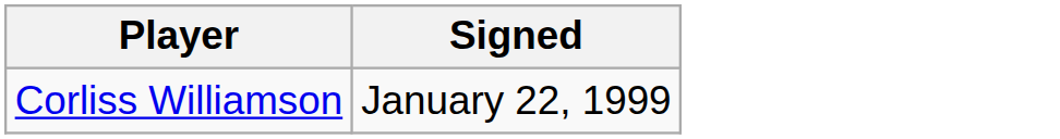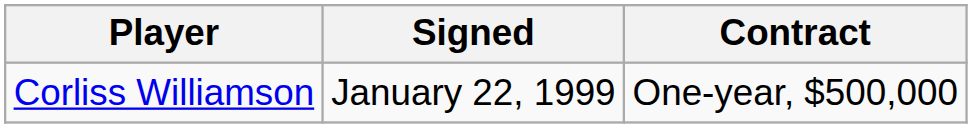 <table class="wikitable sortable sortable" style="text-align: center;">
 <tr>
 <th>Player</th>
 <th>Signed</th>
+<th>Contract</th>
 </tr>
 <tr>
 <td><a href='#'>Corliss Williamson</a></td>
 <td>January 22, 1999</td>
+<td>One-year, $500,000</td>
 </tr>
 </table>
